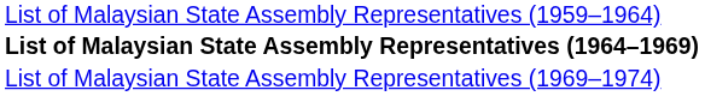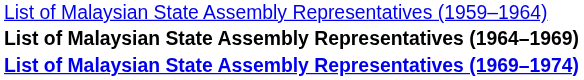 <table id=toc style="float:right">
 <tr>
 <td><a href='#'>List of Malaysian State Assembly Representatives (1959–1964)</a></td>
 </tr>
 <tr>
 <td><strong>List of Malaysian State Assembly Representatives (1964–1969)</strong></td>
 </tr>
 <tr>
-<td><a href='#'>List of Malaysian State Assembly Representatives (1969–1974)</a></td>
+<td><strong><a href='#'>List of Malaysian State Assembly Representatives (1969–1974)</a></strong></td>
 </tr>
 </table>
